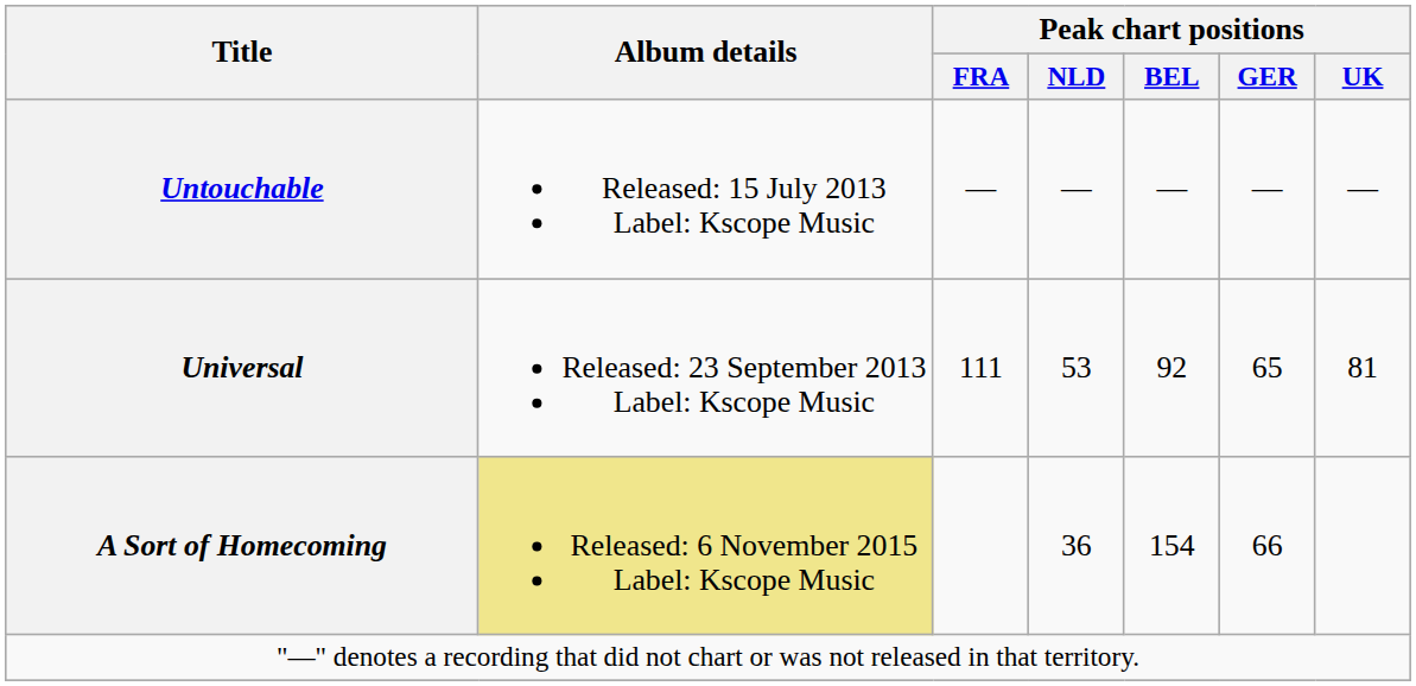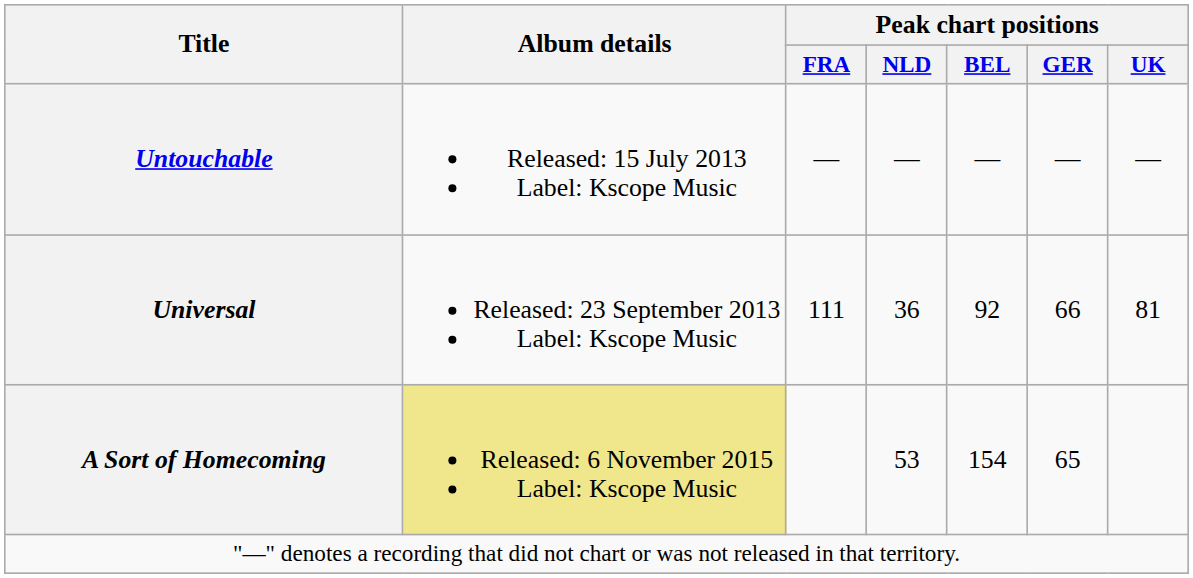 <table class="wikitable plainrowheaders" style="text-align:center;">
 <tr>
 <th scope="col" rowspan="2" style="width:15em;">Title</th>
 <th scope="col" rowspan="2">Album details</th>
 <th scope="col" colspan="5">Peak chart positions</th>
 </tr>
 <tr>
 <th scope="col" style="width:3em;font-size:90%;"><a href='#'>FRA</a><br></th>
 <th scope="col" style="width:3em;font-size:90%;"><a href='#'>NLD</a><br></th>
 <th scope="col" style="width:3em;font-size:90%;"><a href='#'>BEL</a><br></th>
 <th scope="col" style="width:3em;font-size:90%;"><a href='#'>GER</a><br></th>
 <th scope="col" style="width:3em;font-size:90%;"><a href='#'>UK</a><br></th>
 </tr>
 <tr>
 <th scope="row"><em><a href='#'>Untouchable</a></em></th>
 <td><br><ul><li>Released: 15 July 2013</li><li>Label: Kscope Music</li></ul></td>
 <td>—</td>
 <td>—</td>
 <td>—</td>
 <td>—</td>
 <td>—</td>
 </tr>
 <tr>
 <th scope="row"><em>Universal</em></th>
 <td><br><ul><li>Released: 23 September 2013</li><li>Label: Kscope Music</li></ul></td>
 <td>111</td>
-<td>53</td>
+<td>36</td>
 <td>92</td>
-<td>65</td>
+<td>66</td>
 <td>81</td>
 </tr>
 <tr>
 <th scope="row"><em>A Sort of Homecoming</em></th>
 <td style="background: khaki;"><br><ul><li>Released: 6 November 2015</li><li>Label: Kscope Music</li></ul></td>
 <td></td>
-<td>36</td>
+<td>53</td>
 <td>154</td>
-<td>66</td>
+<td>65</td>
 <td></td>
 </tr>
 <tr>
 <td colspan="20" style="font-size:90%">"—" denotes a recording that did not chart or was not released in that territory.</td>
 </tr>
 </table>
